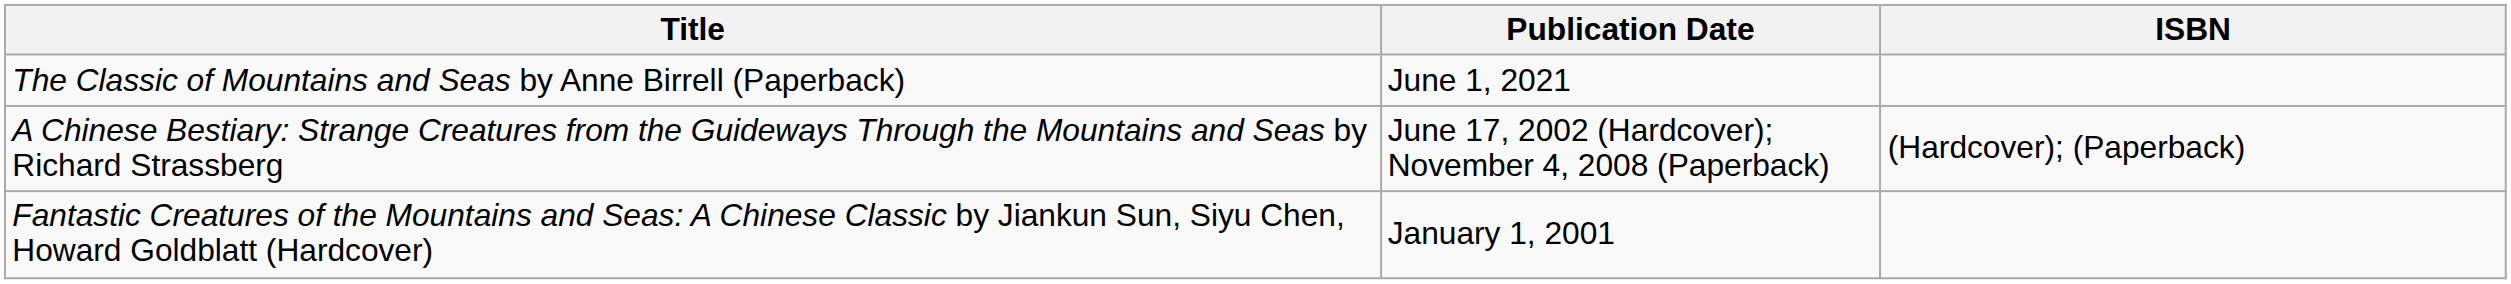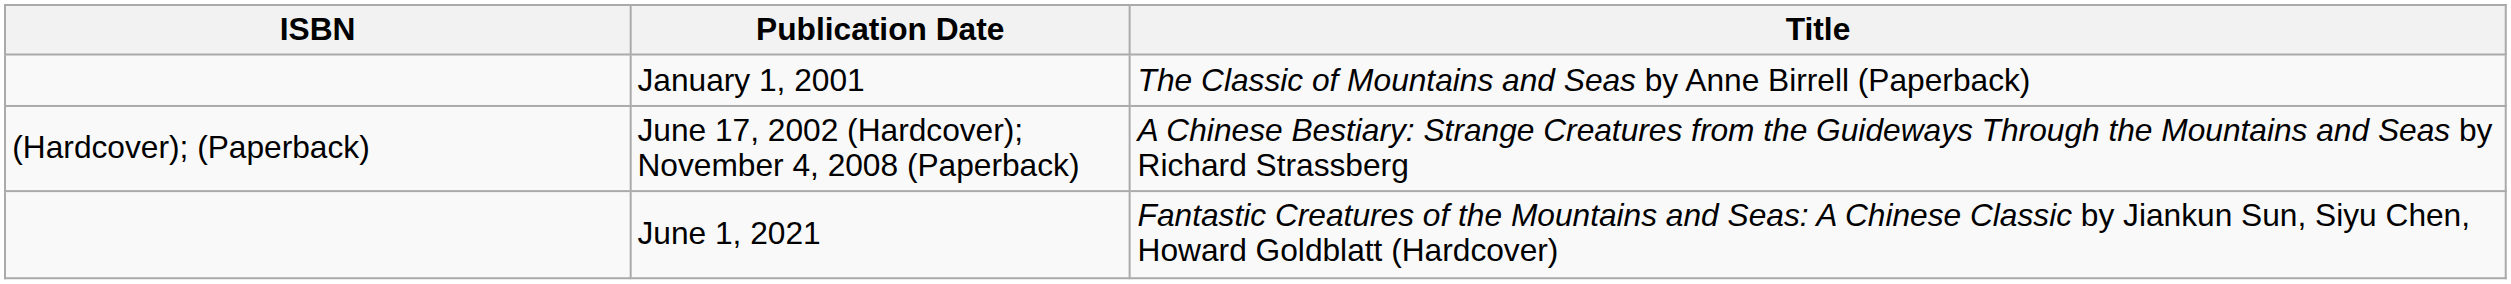 <table class="wikitable" style="text-align:left;" width="100%">
 <tr>
+<th width=25%>ISBN</th>
+<th width=20%>Publication Date</th>
 <th width=55%>Title</th>
-<th width=20%>Publication Date</th>
-<th width=25%>ISBN</th>
 </tr>
 <tr>
+<td></td>
+<td>January 1, 2001</td>
 <td><em>The Classic of Mountains and Seas</em> by Anne Birrell (Paperback)</td>
-<td>June 1, 2021</td>
-<td></td>
 </tr>
 <tr>
+<td> (Hardcover);  (Paperback)</td>
+<td>June 17, 2002 (Hardcover); November 4, 2008 (Paperback)</td>
 <td><em>A Chinese Bestiary: Strange Creatures from the Guideways Through the Mountains and Seas</em> by Richard Strassberg</td>
-<td>June 17, 2002 (Hardcover); November 4, 2008 (Paperback)</td>
-<td> (Hardcover);  (Paperback)</td>
 </tr>
 <tr>
+<td></td>
+<td>June 1, 2021</td>
 <td><em>Fantastic Creatures of the Mountains and Seas: A Chinese Classic</em> by Jiankun Sun, Siyu Chen, Howard Goldblatt (Hardcover)</td>
-<td>January 1, 2001</td>
-<td></td>
 </tr>
 </table>
